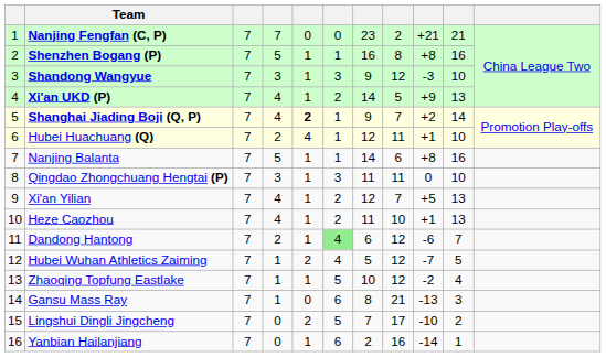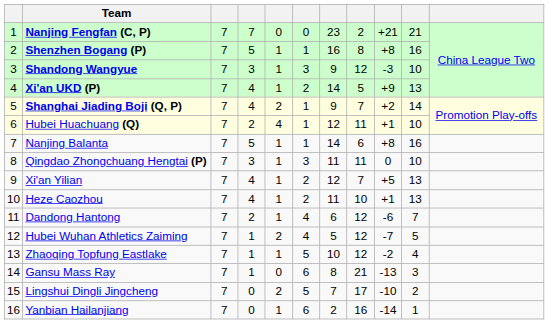 <table class="wikitable" style="text-align:center;">
 <tr>
 <th></th>
 <th width=250>Team</th>
 <th width=30></th>
 <th width=30></th>
 <th width=30></th>
 <th width=30></th>
 <th width=30></th>
 <th width=30></th>
 <th width=30></th>
 <th width=30></th>
 <th width=150></th>
 </tr>
 <tr bgcolor="#ccffcc">
 <td>1</td>
 <td align="left"><strong><a href='#'>Nanjing Fengfan</a> (C, P)</strong></td>
 <td>7</td>
 <td>7</td>
 <td>0</td>
 <td>0</td>
 <td>23</td>
 <td>2</td>
 <td>+21</td>
 <td>21</td>
 <td rowspan=4><a href='#'>China League Two</a></td>
 </tr>
 <tr bgcolor="#ccffcc">
 <td>2</td>
 <td align="left"><strong><a href='#'>Shenzhen Bogang</a> (P)</strong></td>
 <td>7</td>
 <td>5</td>
 <td>1</td>
 <td>1</td>
 <td>16</td>
 <td>8</td>
 <td>+8</td>
 <td>16</td>
 </tr>
 <tr bgcolor="#ccffcc">
 <td>3</td>
 <td align="left"><strong><a href='#'>Shandong Wangyue</a></strong></td>
 <td>7</td>
 <td>3</td>
 <td>1</td>
 <td>3</td>
 <td>9</td>
 <td>12</td>
 <td>-3</td>
 <td>10</td>
 </tr>
 <tr bgcolor="#ccffcc">
 <td>4</td>
 <td align="left"><strong><a href='#'>Xi'an UKD</a> (P)</strong></td>
 <td>7</td>
 <td>4</td>
 <td>1</td>
 <td>2</td>
 <td>14</td>
 <td>5</td>
 <td>+9</td>
 <td>13</td>
 </tr>
 <tr bgcolor="#FFFFE0">
 <td>5</td>
 <td align="left"><strong><a href='#'>Shanghai Jiading Boji</a> (Q, P)</strong></td>
 <td>7</td>
 <td>4</td>
-<td><strong>2</strong></td>
+<td>2</td>
 <td>1</td>
 <td>9</td>
 <td>7</td>
 <td>+2</td>
 <td>14</td>
 <td rowspan=2><a href='#'>Promotion Play-offs</a></td>
 </tr>
 <tr bgcolor="#FFFFE0">
 <td>6</td>
 <td align="left"><a href='#'>Hubei Huachuang</a> <strong>(Q)</strong></td>
 <td>7</td>
 <td>2</td>
 <td>4</td>
 <td>1</td>
 <td>12</td>
 <td>11</td>
 <td>+1</td>
 <td>10</td>
 </tr>
 <tr>
 <td>7</td>
 <td align="left"><a href='#'>Nanjing Balanta</a></td>
 <td>7</td>
 <td>5</td>
 <td>1</td>
 <td>1</td>
 <td>14</td>
 <td>6</td>
 <td>+8</td>
 <td>16</td>
 <td></td>
 </tr>
 <tr>
 <td>8</td>
 <td align="left"><a href='#'>Qingdao Zhongchuang Hengtai</a> <strong>(P)</strong></td>
 <td>7</td>
 <td>3</td>
 <td>1</td>
 <td>3</td>
 <td>11</td>
 <td>11</td>
 <td>0</td>
 <td>10</td>
 <td></td>
 </tr>
 <tr>
 <td>9</td>
 <td align="left"><a href='#'>Xi'an Yilian</a></td>
 <td>7</td>
 <td>4</td>
 <td>1</td>
 <td>2</td>
 <td>12</td>
 <td>7</td>
 <td>+5</td>
 <td>13</td>
 <td></td>
 </tr>
 <tr>
 <td>10</td>
 <td align="left"><a href='#'>Heze Caozhou</a></td>
 <td>7</td>
 <td>4</td>
 <td>1</td>
 <td>2</td>
 <td>11</td>
 <td>10</td>
 <td>+1</td>
 <td>13</td>
 <td></td>
 </tr>
 <tr>
 <td>11</td>
 <td align="left"><a href='#'>Dandong Hantong</a></td>
 <td>7</td>
 <td>2</td>
 <td>1</td>
-<td style="background: lightgreen;">4</td>
+<td>4</td>
 <td>6</td>
 <td>12</td>
 <td>-6</td>
 <td>7</td>
 <td></td>
 </tr>
 <tr>
 <td>12</td>
 <td align="left"><a href='#'>Hubei Wuhan Athletics Zaiming</a></td>
 <td>7</td>
 <td>1</td>
 <td>2</td>
 <td>4</td>
 <td>5</td>
 <td>12</td>
 <td>-7</td>
 <td>5</td>
 <td></td>
 </tr>
 <tr>
 <td>13</td>
 <td align="left"><a href='#'>Zhaoqing Topfung Eastlake</a></td>
 <td>7</td>
 <td>1</td>
 <td>1</td>
 <td>5</td>
 <td>10</td>
 <td>12</td>
 <td>-2</td>
 <td>4</td>
 <td></td>
 </tr>
 <tr>
 <td>14</td>
 <td align="left"><a href='#'>Gansu Mass Ray</a></td>
 <td>7</td>
 <td>1</td>
 <td>0</td>
 <td>6</td>
 <td>8</td>
 <td>21</td>
 <td>-13</td>
 <td>3</td>
 <td></td>
 </tr>
 <tr>
 <td>15</td>
 <td align="left"><a href='#'>Lingshui Dingli Jingcheng</a></td>
 <td>7</td>
 <td>0</td>
 <td>2</td>
 <td>5</td>
 <td>7</td>
 <td>17</td>
 <td>-10</td>
 <td>2</td>
 <td></td>
 </tr>
 <tr>
 <td>16</td>
 <td align="left"><a href='#'>Yanbian Hailanjiang</a></td>
 <td>7</td>
 <td>0</td>
 <td>1</td>
 <td>6</td>
 <td>2</td>
 <td>16</td>
 <td>-14</td>
 <td>1</td>
 <td></td>
 </tr>
 </table>
